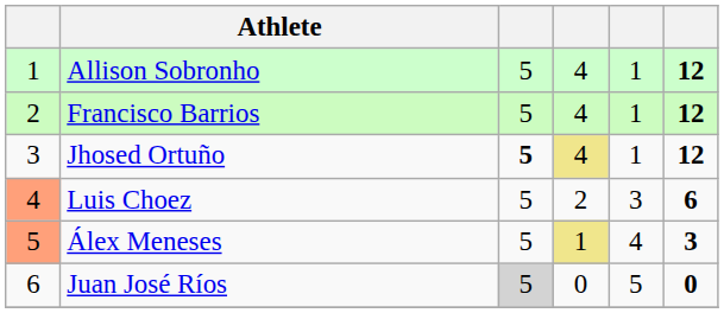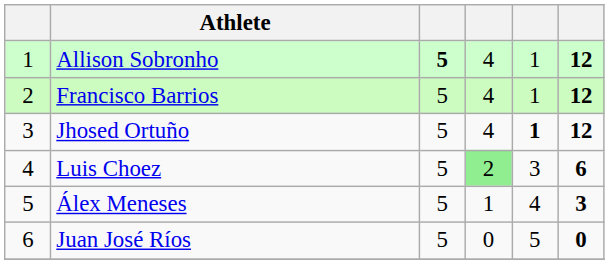 <table class="wikitable" style="text-align: center; font-size:100% ">
 <tr>
 <th width=25></th>
 <th width=250>Athlete</th>
 <th width=25></th>
 <th width=25></th>
 <th width=25></th>
 <th width=25></th>
 </tr>
 <tr bgcolor="ccffcc">
 <td>1</td>
 <td align=left> <a href='#'>Allison Sobronho</a></td>
-<td>5</td>
+<td><strong>5</strong></td>
 <td>4</td>
 <td>1</td>
 <td><strong>12</strong></td>
 </tr>
 <tr bgcolor="ccffccc">
 <td>2</td>
 <td align=left> <a href='#'>Francisco Barrios</a></td>
 <td>5</td>
 <td>4</td>
 <td>1</td>
 <td><strong>12</strong></td>
 </tr>
 <tr>
 <td>3</td>
 <td align=left> <a href='#'>Jhosed Ortuño</a></td>
-<td><strong>5</strong></td>
-<td style="background: khaki;">4</td>
-<td>1</td>
+<td>5</td>
+<td>4</td>
+<td><strong>1</strong></td>
 <td><strong>12</strong></td>
 </tr>
 <tr>
-<td style="background: lightsalmon;">4</td>
+<td>4</td>
 <td align=left> <a href='#'>Luis Choez</a></td>
 <td>5</td>
-<td>2</td>
+<td style="background: lightgreen;">2</td>
 <td>3</td>
 <td><strong>6</strong></td>
 </tr>
 <tr>
-<td style="background: lightsalmon;">5</td>
+<td>5</td>
 <td align=left> <a href='#'>Álex Meneses</a></td>
 <td>5</td>
-<td style="background: khaki;">1</td>
+<td>1</td>
 <td>4</td>
 <td><strong>3</strong></td>
 </tr>
 <tr>
 <td>6</td>
 <td align=left> <a href='#'>Juan José Ríos</a></td>
-<td style="background: lightgrey;">5</td>
+<td>5</td>
 <td>0</td>
 <td>5</td>
 <td><strong>0</strong></td>
 </tr>
 <tr>
 </tr>
 </table>
